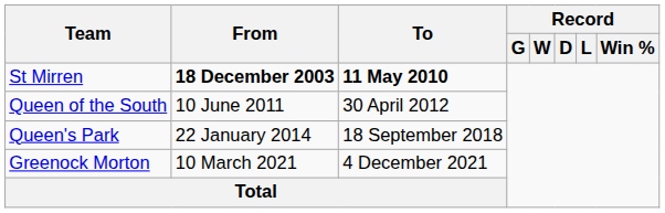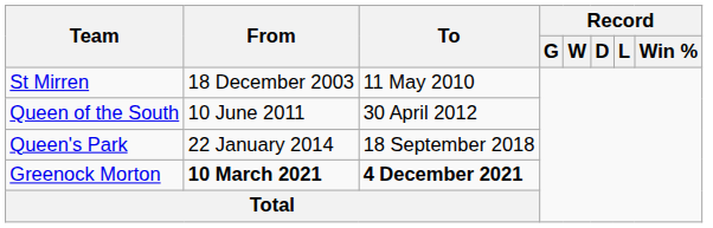 <table class="wikitable" style="text-align: center">
 <tr>
 <th rowspan="2">Team</th>
 <th rowspan="2">From</th>
 <th rowspan="2">To</th>
 <th colspan="5">Record</th>
 </tr>
 <tr>
 <th>G</th>
 <th>W</th>
 <th>D</th>
 <th>L</th>
 <th>Win %</th>
 </tr>
 <tr>
 <td align=left><a href='#'>St Mirren</a></td>
-<td align=left><strong>18 December 2003</strong></td>
-<td align=left><strong>11 May 2010<br></strong></td>
+<td align=left>18 December 2003</td>
+<td align=left>11 May 2010<br></td>
 </tr>
 <tr>
 <td align=left><a href='#'>Queen of the South</a></td>
 <td align=left>10 June 2011</td>
 <td align=left>30 April 2012<br></td>
 </tr>
 <tr>
 <td align=left><a href='#'>Queen's Park</a></td>
 <td align=left>22 January 2014</td>
 <td align=left>18 September 2018<br></td>
 </tr>
 <tr>
 <td align=left><a href='#'>Greenock Morton</a></td>
-<td align=left>10 March 2021</td>
-<td align=left>4 December 2021<br></td>
+<td align=left><strong>10 March 2021</strong></td>
+<td align=left><strong>4 December 2021<br></strong></td>
 </tr>
 <tr>
 <th colspan=3>Total<br></th>
 </tr>
 </table>
